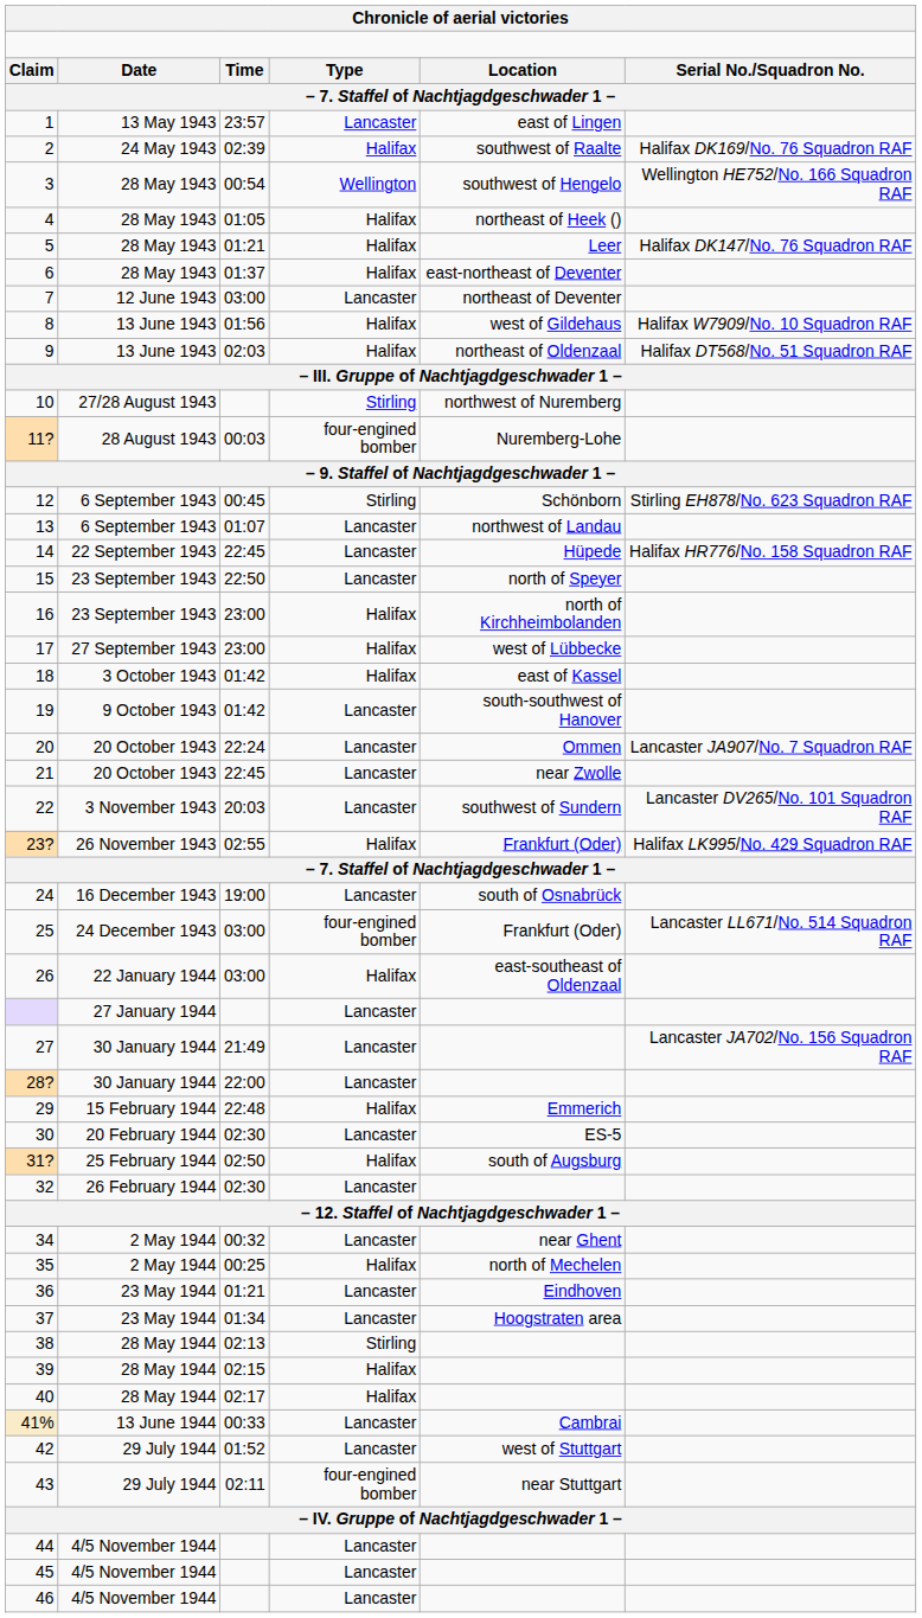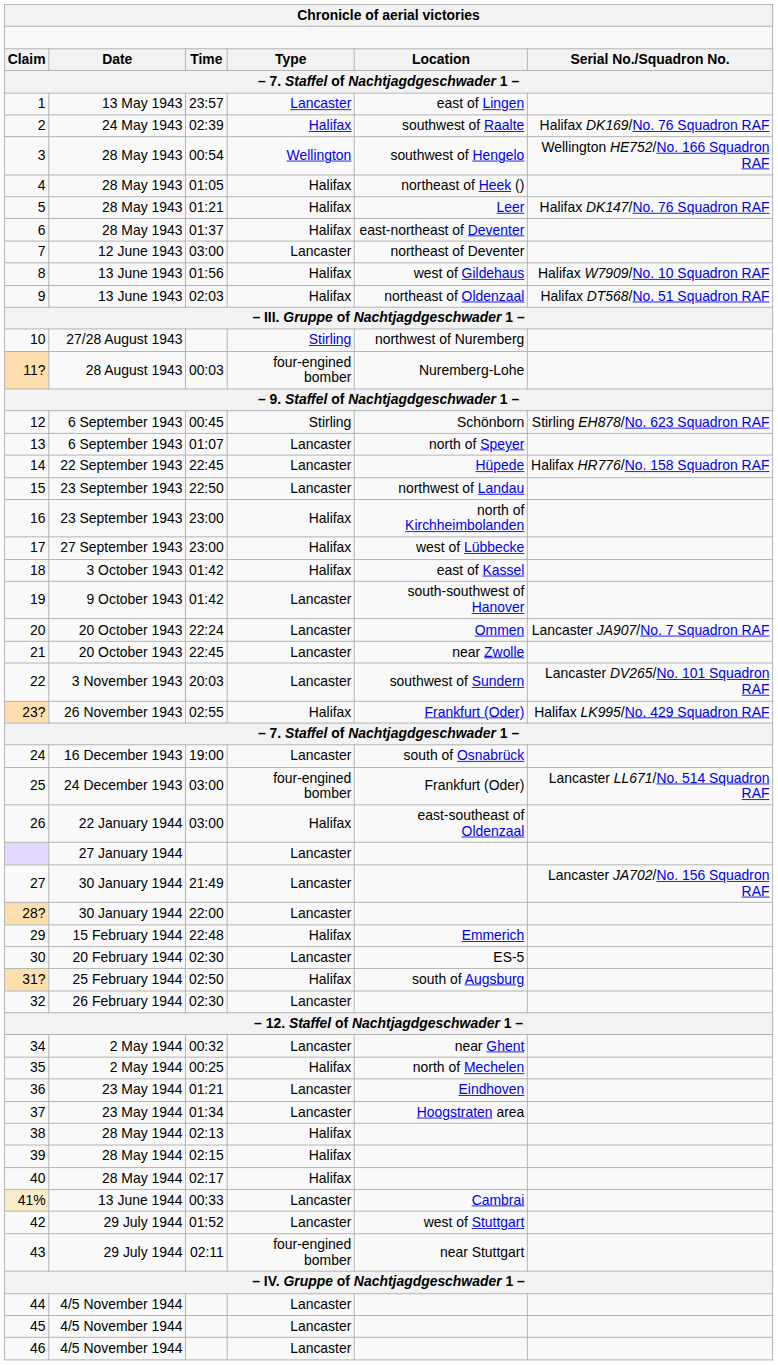 <table class="wikitable plainrowheaders collapsible" style="margin-left: auto; margin-right: auto; border: none; text-align:right; width: 100%;">
 <tr>
 <th colspan="6">Chronicle of aerial victories</th>
 </tr>
 <tr>
 <td colspan="6" style="text-align: left;"><br>  </td>
 </tr>
 <tr>
 <th scope="col">Claim</th>
 <th scope="col" style="width:150px">Date</th>
 <th scope="col">Time</th>
 <th scope="col">Type</th>
 <th scope="col">Location</th>
 <th scope="col">Serial No./Squadron No.</th>
 </tr>
 <tr>
 <th colspan="6">– 7. <em>Staffel</em> of <em>Nachtjagdgeschwader</em> 1 –</th>
 </tr>
 <tr>
 <td>1</td>
 <td>13 May 1943</td>
 <td>23:57</td>
 <td><a href='#'>Lancaster</a></td>
 <td> east of <a href='#'>Lingen</a></td>
 <td></td>
 </tr>
 <tr>
 <td>2</td>
 <td>24 May 1943</td>
 <td>02:39</td>
 <td><a href='#'>Halifax</a></td>
 <td> southwest of <a href='#'>Raalte</a></td>
 <td>Halifax <em>DK169</em>/<a href='#'>No. 76 Squadron RAF</a></td>
 </tr>
 <tr>
 <td>3</td>
 <td>28 May 1943</td>
 <td>00:54</td>
 <td><a href='#'>Wellington</a></td>
 <td> southwest of <a href='#'>Hengelo</a></td>
 <td>Wellington <em>HE752</em>/<a href='#'>No. 166 Squadron RAF</a></td>
 </tr>
 <tr>
 <td>4</td>
 <td>28 May 1943</td>
 <td>01:05</td>
 <td>Halifax</td>
 <td> northeast of <a href='#'>Heek</a> ()</td>
 <td></td>
 </tr>
 <tr>
 <td>5</td>
 <td>28 May 1943</td>
 <td>01:21</td>
 <td>Halifax</td>
 <td><a href='#'>Leer</a></td>
 <td>Halifax <em>DK147</em>/<a href='#'>No. 76 Squadron RAF</a></td>
 </tr>
 <tr>
 <td>6</td>
 <td>28 May 1943</td>
 <td>01:37</td>
 <td>Halifax</td>
 <td> east-northeast of <a href='#'>Deventer</a></td>
 <td></td>
 </tr>
 <tr>
 <td>7</td>
 <td>12 June 1943</td>
 <td>03:00</td>
 <td>Lancaster</td>
 <td> northeast of Deventer</td>
 <td></td>
 </tr>
 <tr>
 <td>8</td>
 <td>13 June 1943</td>
 <td>01:56</td>
 <td>Halifax</td>
 <td> west of <a href='#'>Gildehaus</a></td>
 <td>Halifax <em>W7909</em>/<a href='#'>No. 10 Squadron RAF</a></td>
 </tr>
 <tr>
 <td>9</td>
 <td>13 June 1943</td>
 <td>02:03</td>
 <td>Halifax</td>
 <td>northeast of <a href='#'>Oldenzaal</a></td>
 <td>Halifax <em>DT568</em>/<a href='#'>No. 51 Squadron RAF</a></td>
 </tr>
 <tr>
 <th colspan="6">– III. <em>Gruppe</em> of <em>Nachtjagdgeschwader</em> 1 –</th>
 </tr>
 <tr>
 <td>10</td>
 <td>27/28 August 1943</td>
 <td></td>
 <td><a href='#'>Stirling</a></td>
 <td> northwest of Nuremberg</td>
 <td></td>
 </tr>
 <tr>
 <td style="background:#ffdead">11?</td>
 <td>28 August 1943</td>
 <td>00:03</td>
 <td>four-engined bomber</td>
 <td>Nuremberg-Lohe</td>
 <td></td>
 </tr>
 <tr>
 <th colspan="6">– 9. <em>Staffel</em> of <em>Nachtjagdgeschwader</em> 1 –</th>
 </tr>
 <tr>
 <td>12</td>
 <td>6 September 1943</td>
 <td>00:45</td>
 <td>Stirling</td>
 <td>Schönborn</td>
 <td>Stirling <em>EH878</em>/<a href='#'>No. 623 Squadron RAF</a></td>
 </tr>
 <tr>
 <td>13</td>
 <td>6 September 1943</td>
 <td>01:07</td>
 <td>Lancaster</td>
-<td> northwest of <a href='#'>Landau</a></td>
+<td> north of <a href='#'>Speyer</a></td>
 <td></td>
 </tr>
 <tr>
 <td>14</td>
 <td>22 September 1943</td>
 <td>22:45</td>
 <td>Lancaster</td>
 <td><a href='#'>Hüpede</a></td>
 <td>Halifax <em>HR776</em>/<a href='#'>No. 158 Squadron RAF</a></td>
 </tr>
 <tr>
 <td>15</td>
 <td>23 September 1943</td>
 <td>22:50</td>
 <td>Lancaster</td>
-<td> north of <a href='#'>Speyer</a></td>
+<td> northwest of <a href='#'>Landau</a></td>
 <td></td>
 </tr>
 <tr>
 <td>16</td>
 <td>23 September 1943</td>
 <td>23:00</td>
 <td>Halifax</td>
 <td> north of <a href='#'>Kirchheimbolanden</a></td>
 <td></td>
 </tr>
 <tr>
 <td>17</td>
 <td>27 September 1943</td>
 <td>23:00</td>
 <td>Halifax</td>
 <td>west of <a href='#'>Lübbecke</a></td>
 <td></td>
 </tr>
 <tr>
 <td>18</td>
 <td>3 October 1943</td>
 <td>01:42</td>
 <td>Halifax</td>
 <td> east of <a href='#'>Kassel</a></td>
 <td></td>
 </tr>
 <tr>
 <td>19</td>
 <td>9 October 1943</td>
 <td>01:42</td>
 <td>Lancaster</td>
 <td>south-southwest of <a href='#'>Hanover</a></td>
 <td></td>
 </tr>
 <tr>
 <td>20</td>
 <td>20 October 1943</td>
 <td>22:24</td>
 <td>Lancaster</td>
 <td><a href='#'>Ommen</a></td>
 <td>Lancaster <em>JA907</em>/<a href='#'>No. 7 Squadron RAF</a></td>
 </tr>
 <tr>
 <td>21</td>
 <td>20 October 1943</td>
 <td>22:45</td>
 <td>Lancaster</td>
 <td>near <a href='#'>Zwolle</a></td>
 <td></td>
 </tr>
 <tr>
 <td>22</td>
 <td>3 November 1943</td>
 <td>20:03</td>
 <td>Lancaster</td>
 <td>southwest of <a href='#'>Sundern</a></td>
 <td>Lancaster <em>DV265</em>/<a href='#'>No. 101 Squadron RAF</a></td>
 </tr>
 <tr>
 <td style="background:#ffdead">23?</td>
 <td>26 November 1943</td>
 <td>02:55</td>
 <td>Halifax</td>
 <td><a href='#'>Frankfurt (Oder)</a></td>
 <td>Halifax <em>LK995</em>/<a href='#'>No. 429 Squadron RAF</a></td>
 </tr>
 <tr>
 <th colspan="6">– 7. <em>Staffel</em> of <em>Nachtjagdgeschwader</em> 1 –</th>
 </tr>
 <tr>
 <td>24</td>
 <td>16 December 1943</td>
 <td>19:00</td>
 <td>Lancaster</td>
 <td>south of <a href='#'>Osnabrück</a></td>
 <td></td>
 </tr>
 <tr>
 <td>25</td>
 <td>24 December 1943</td>
 <td>03:00</td>
 <td>four-engined bomber</td>
 <td>Frankfurt (Oder)</td>
 <td>Lancaster <em>LL671</em>/<a href='#'>No. 514 Squadron RAF</a></td>
 </tr>
 <tr>
 <td>26</td>
 <td>22 January 1944</td>
 <td>03:00</td>
 <td>Halifax</td>
 <td> east-southeast of <a href='#'>Oldenzaal</a></td>
 <td></td>
 </tr>
 <tr>
 <td style="background:#e3d9ff;"></td>
 <td>27 January 1944</td>
 <td></td>
 <td>Lancaster</td>
 <td></td>
 <td></td>
 </tr>
 <tr>
 <td>27</td>
 <td>30 January 1944</td>
 <td>21:49</td>
 <td>Lancaster</td>
 <td></td>
 <td>Lancaster <em>JA702</em>/<a href='#'>No. 156 Squadron RAF</a></td>
 </tr>
 <tr>
 <td style="background:#ffdead">28?</td>
 <td>30 January 1944</td>
 <td>22:00</td>
 <td>Lancaster</td>
 <td></td>
 <td></td>
 </tr>
 <tr>
 <td>29</td>
 <td>15 February 1944</td>
 <td>22:48</td>
 <td>Halifax</td>
 <td><a href='#'>Emmerich</a></td>
 <td></td>
 </tr>
 <tr>
 <td>30</td>
 <td>20 February 1944</td>
 <td>02:30</td>
 <td>Lancaster</td>
 <td>ES-5</td>
 <td></td>
 </tr>
 <tr>
 <td style="background:#ffdead">31?</td>
 <td>25 February 1944</td>
 <td>02:50</td>
 <td>Halifax</td>
 <td>south of <a href='#'>Augsburg</a></td>
 <td></td>
 </tr>
 <tr>
 <td>32</td>
 <td>26 February 1944</td>
 <td>02:30</td>
 <td>Lancaster</td>
 <td></td>
 <td></td>
 </tr>
 <tr>
 <th colspan="6">– 12. <em>Staffel</em> of <em>Nachtjagdgeschwader</em> 1 –</th>
 </tr>
 <tr>
 <td>34</td>
 <td>2 May 1944</td>
 <td>00:32</td>
 <td>Lancaster</td>
 <td>near <a href='#'>Ghent</a></td>
 <td></td>
 </tr>
 <tr>
 <td>35</td>
 <td>2 May 1944</td>
 <td>00:25</td>
 <td>Halifax</td>
 <td> north of <a href='#'>Mechelen</a></td>
 <td></td>
 </tr>
 <tr>
 <td>36</td>
 <td>23 May 1944</td>
 <td>01:21</td>
 <td>Lancaster</td>
 <td><a href='#'>Eindhoven</a></td>
 <td></td>
 </tr>
 <tr>
 <td>37</td>
 <td>23 May 1944</td>
 <td>01:34</td>
 <td>Lancaster</td>
 <td><a href='#'>Hoogstraten</a> area</td>
 <td></td>
 </tr>
 <tr>
 <td>38</td>
 <td>28 May 1944</td>
 <td>02:13</td>
-<td>Stirling</td>
+<td>Halifax</td>
 <td></td>
 <td></td>
 </tr>
 <tr>
 <td>39</td>
 <td>28 May 1944</td>
 <td>02:15</td>
 <td>Halifax</td>
 <td></td>
 <td></td>
 </tr>
 <tr>
 <td>40</td>
 <td>28 May 1944</td>
 <td>02:17</td>
 <td>Halifax</td>
 <td></td>
 <td></td>
 </tr>
 <tr>
 <td style="background:#faecc8">41%</td>
 <td>13 June 1944</td>
 <td>00:33</td>
 <td>Lancaster</td>
 <td><a href='#'>Cambrai</a></td>
 <td></td>
 </tr>
 <tr>
 <td>42</td>
 <td>29 July 1944</td>
 <td>01:52</td>
 <td>Lancaster</td>
 <td> west of <a href='#'>Stuttgart</a></td>
 <td></td>
 </tr>
 <tr>
 <td>43</td>
 <td>29 July 1944</td>
 <td>02:11</td>
 <td>four-engined bomber</td>
 <td>near Stuttgart</td>
 <td></td>
 </tr>
 <tr>
 <th colspan="6">– IV. <em>Gruppe</em> of <em>Nachtjagdgeschwader</em> 1 –</th>
 </tr>
 <tr>
 <td>44</td>
 <td>4/5 November 1944</td>
 <td></td>
 <td>Lancaster</td>
 <td></td>
 <td></td>
 </tr>
 <tr>
 <td>45</td>
 <td>4/5 November 1944</td>
 <td></td>
 <td>Lancaster</td>
 <td></td>
 <td></td>
 </tr>
 <tr>
 <td>46</td>
 <td>4/5 November 1944</td>
 <td></td>
 <td>Lancaster</td>
 <td></td>
 <td></td>
 </tr>
 </table>
